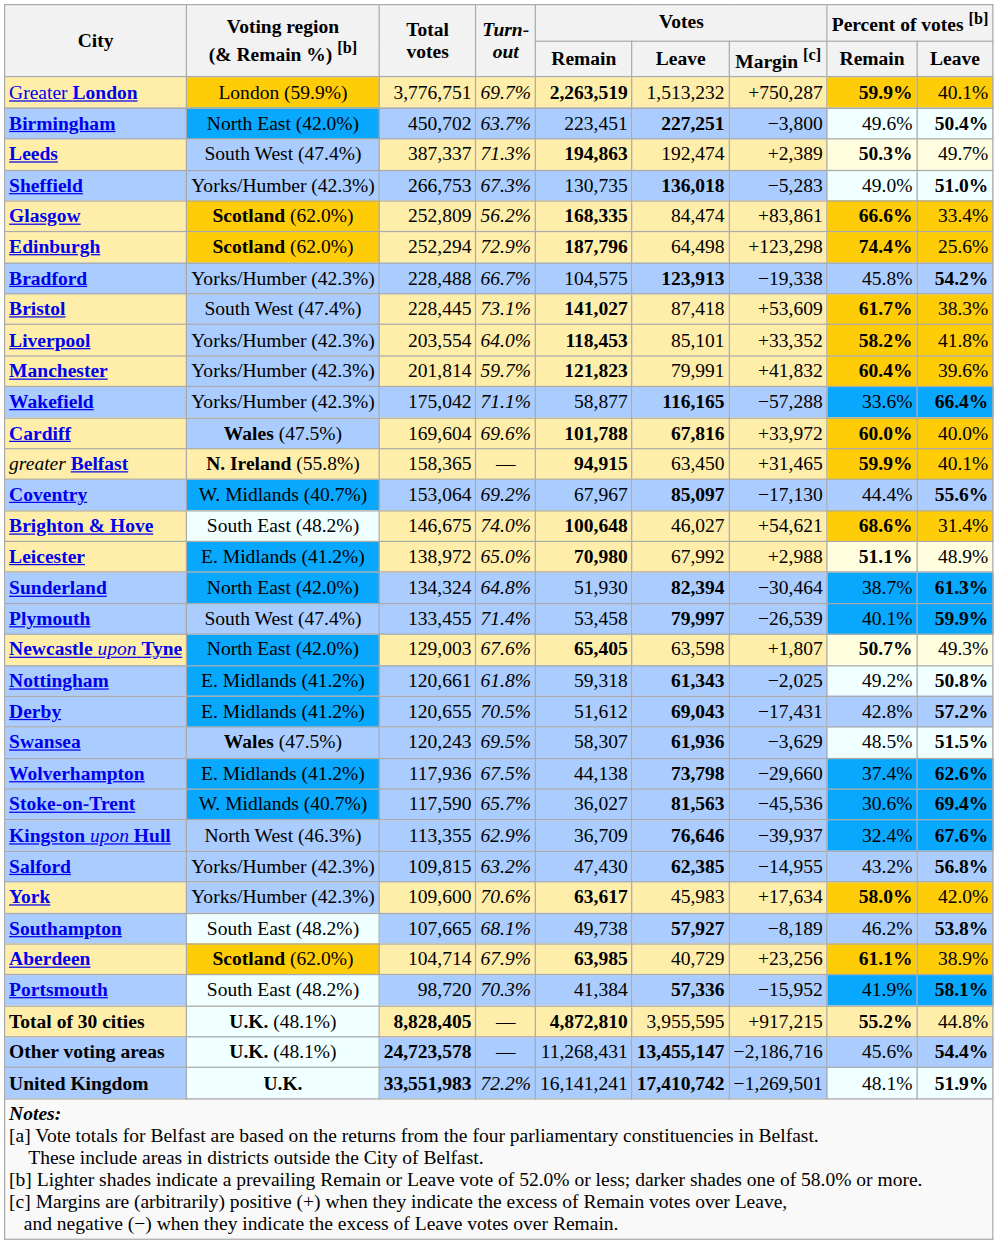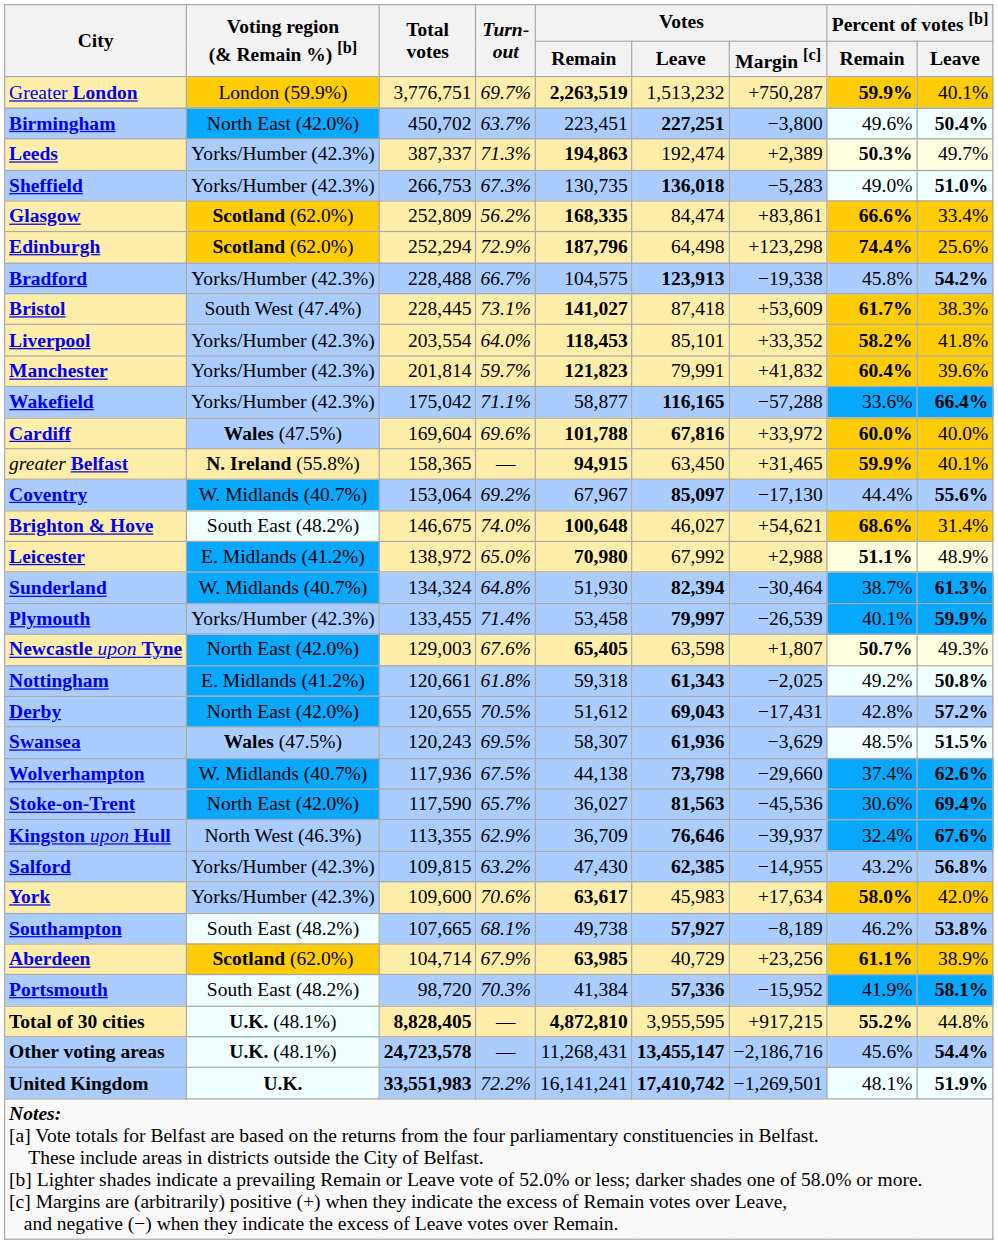 <table class="wikitable sortable">
 <tr>
 <th rowspan=2>City</th>
 <th rowspan=2>Voting region<br>(& Remain %) <sup>[b]</sup></th>
 <th rowspan=2>Total <br> votes</th>
 <th rowspan=2><em>Turn-<br>out</em></th>
 <th colspan=3>Votes</th>
 <th colspan=2>Percent of votes <sup>[b]</sup></th>
 </tr>
 <tr>
 <th>Remain</th>
 <th>Leave</th>
 <th data-sort-type="number">Margin <sup>[c]</sup></th>
 <th>Remain</th>
 <th>Leave</th>
 </tr>
 <tr style="text-align: right; background:#fea;">
 <td style="text-align:left"><a href='#'>Greater <strong>London</strong></a></td>
 <td style="text-align: center; background:#ffcc08">London (59.9%)</td>
 <td>3,776,751</td>
 <td style="text-align: right;"><em>69.7%</em></td>
 <td><strong>2,263,519</strong></td>
 <td>1,513,232</td>
 <td>+750,287</td>
 <td style="background:#ffcc08;"><strong>59.9%</strong></td>
 <td style="background:#ffcc08">40.1%</td>
 </tr>
 <tr>
 </tr>
 <tr style="background:#acf; text-align: right;">
 <td style="text-align:left"><strong><a href='#'>Birmingham</a></strong></td>
 <td style="text-align:center; background:#09a8ff">North East (42.0%)</td>
 <td>450,702</td>
 <td><em>63.7%</em></td>
 <td>223,451</td>
 <td><strong>227,251</strong></td>
 <td>−3,800</td>
 <td style="background:Azure">49.6%</td>
 <td style="background:Azure"><strong>50.4%</strong></td>
 </tr>
 <tr style="background:#fea; text-align: right;">
 <td style="text-align:left"><strong><a href='#'>Leeds</a></strong></td>
-<td style="text-align:center; background:#acf">South West (47.4%)</td>
+<td style="text-align: center; background:#acf">Yorks/Humber (42.3%)</td>
 <td>387,337</td>
 <td><em>71.3%</em></td>
 <td><strong>194,863</strong></td>
 <td>192,474</td>
 <td>+2,389</td>
 <td style="background:lightyellow"><strong>50.3%</strong></td>
 <td style="background:lightyellow">49.7%</td>
 </tr>
 <tr style="background:#acf; text-align:right">
 <td style="text-align:left"><strong><a href='#'>Sheffield</a></strong></td>
 <td style="text-align: center">Yorks/Humber (42.3%)</td>
 <td>266,753</td>
 <td><em>67.3%</em></td>
 <td>130,735</td>
 <td><strong>136,018</strong></td>
 <td>−5,283</td>
 <td style="background:Azure">49.0%</td>
 <td style="background:Azure"><strong>51.0%</strong></td>
 </tr>
 <tr style="background:#fea; text-align:right">
 <td style="text-align:left"><strong><a href='#'>Glasgow</a></strong></td>
 <td style="text-align: center; background:#ffcc08"><strong>Scotland</strong> (62.0%)</td>
 <td>252,809</td>
 <td><em>56.2%</em></td>
 <td><strong>168,335</strong></td>
 <td>84,474</td>
 <td>+83,861</td>
 <td style="background:#ffcc08"><strong>66.6%</strong></td>
 <td style="background:#ffcc08">33.4%</td>
 </tr>
 <tr style="background:#fea; text-align: right;">
 <td style = "text-align:left"><a href='#'><strong>Edinburgh</strong></a></td>
 <td style = "text-align:center; background:#ffcc08"><strong>Scotland</strong> (62.0%)</td>
 <td>252,294</td>
 <td><em>72.9%</em></td>
 <td><strong>187,796</strong></td>
 <td>64,498</td>
 <td>+123,298</td>
 <td style="background:#ffcc08"><strong>74.4%</strong></td>
 <td style="background:#ffcc08">25.6%</td>
 </tr>
 <tr style="background:#acf; text-align:right">
 <td style="text-align:left"><a href='#'><strong>Bradford</strong></a></td>
 <td style="text-align:center">Yorks/Humber (42.3%)</td>
 <td>228,488</td>
 <td><em>66.7%</em></td>
 <td>104,575</td>
 <td><strong>123,913</strong></td>
 <td>−19,338</td>
 <td>45.8%</td>
 <td><strong>54.2%</strong></td>
 </tr>
 <tr style="background:#fea; text-align:right">
 <td style="text-align:left"><strong><a href='#'>Bristol</a></strong></td>
 <td style="text-align:center; background:#acf">South West (47.4%)</td>
 <td>228,445</td>
 <td><em>73.1%</em></td>
 <td><strong>141,027</strong></td>
 <td>87,418</td>
 <td>+53,609</td>
 <td style="background:#ffcc08"><strong>61.7%</strong></td>
 <td style="background:#ffcc08">38.3%</td>
 </tr>
 <tr style="background:#fea; text-align:right">
 <td style="text-align:left"><strong><a href='#'>Liverpool</a></strong></td>
 <td style="text-align:center; background:#acf;">Yorks/Humber (42.3%)</td>
 <td>203,554</td>
 <td><em>64.0%</em></td>
 <td><strong>118,453</strong></td>
 <td>85,101</td>
 <td>+33,352</td>
 <td style="background:#ffcc08"><strong>58.2%</strong></td>
 <td style="background:#ffcc08">41.8%</td>
 </tr>
 <tr style="background:#fea; text-align:right">
 <td style="text-align:left"><strong><a href='#'>Manchester</a></strong></td>
 <td style="text-align:center; background:#acf;">Yorks/Humber (42.3%)</td>
 <td>201,814</td>
 <td><em>59.7%</em></td>
 <td><strong>121,823</strong></td>
 <td>79,991</td>
 <td>+41,832</td>
 <td style="background:#ffcc08"><strong>60.4%</strong></td>
 <td style="background:#ffcc08">39.6%</td>
 </tr>
 <tr style="background:#acf; text-align:right">
 <td style="text-align:left"><a href='#'><strong>Wakefield</strong></a></td>
 <td style="text-align: center">Yorks/Humber (42.3%)</td>
 <td>175,042</td>
 <td><em>71.1%</em></td>
 <td>58,877</td>
 <td><strong>116,165</strong></td>
 <td>−57,288</td>
 <td style="background:#09a8ff">33.6%</td>
 <td style="background:#09a8ff"><strong>66.4%</strong></td>
 </tr>
 <tr style="background:#fea; text-align:right">
 <td style="text-align:left"><strong><a href='#'>Cardiff</a></strong></td>
 <td style="text-align:center; background:#acf"><strong>Wales</strong> (47.5%)</td>
 <td>169,604</td>
 <td><em>69.6%</em></td>
 <td><strong>101,788</strong></td>
 <td><strong>67,816</strong></td>
 <td>+33,972</td>
 <td style="background:#ffcc08"><strong>60.0%</strong></td>
 <td style="background:#ffcc08">40.0%</td>
 </tr>
 <tr style="background:#fea; text-align: right;">
 <td style = "text-align:left"><em>greater</em> <strong><a href='#'>Belfast</a></strong> </td>
 <td style = "text-align:center"><strong>N. Ireland</strong> (55.8%)</td>
 <td>158,365</td>
 <td style = "text-align:center">—</td>
 <td><strong>94,915</strong></td>
 <td>63,450</td>
 <td>+31,465</td>
 <td style="background:#ffcc08"><strong>59.9%</strong></td>
 <td style="background:#ffcc08">40.1%</td>
 </tr>
 <tr style="background:#acf; text-align:right">
 <td style = "text-align:left"><strong><a href='#'>Coventry</a></strong></td>
 <td style="text-align: center; background:#09a8ff">W. Midlands (40.7%)</td>
 <td>153,064</td>
 <td><em>69.2%</em></td>
 <td>67,967</td>
 <td><strong>85,097</strong></td>
 <td>−17,130</td>
 <td>44.4%</td>
 <td><strong>55.6%</strong></td>
 </tr>
 <tr style="background:#fea; text-align:right">
 <td style = "text-align:left"><strong><a href='#'>Brighton & Hove</a></strong></td>
 <td style="text-align:center; background:Azure">South East (48.2%)</td>
 <td>146,675</td>
 <td><em>74.0%</em></td>
 <td><strong>100,648</strong></td>
 <td>46,027</td>
 <td>+54,621</td>
 <td style="background:#ffcc08"><strong>68.6%</strong></td>
 <td style="background:#ffcc08">31.4%</td>
 </tr>
 <tr style="background:#fea; text-align:right">
 <td style = "text-align:left"><strong><a href='#'>Leicester</a></strong></td>
 <td style="text-align:center; background:#09a8ff">E. Midlands (41.2%)</td>
 <td>138,972</td>
 <td><em>65.0%</em></td>
 <td><strong>70,980</strong></td>
 <td>67,992</td>
 <td>+2,988</td>
 <td style="background:lightyellow"><strong>51.1%</strong></td>
 <td style="background:lightyellow">48.9%</td>
 </tr>
 <tr style="background:#acf; text-align:right">
 <td style = "text-align:left"><a href='#'><strong>Sunderland</strong></a></td>
-<td style="text-align: center; background:#09a8ff">North East (42.0%)</td>
+<td style="text-align:center; background:#09a8ff">W. Midlands (40.7%)</td>
 <td>134,324</td>
 <td><em>64.8%</em></td>
 <td>51,930</td>
 <td><strong>82,394</strong></td>
 <td>−30,464</td>
 <td style="background:#09a8ff">38.7%</td>
 <td style="background:#09a8ff"><strong>61.3%</strong></td>
 </tr>
 <tr style="background:#acf; text-align:right">
 <td style = "text-align:left"><strong><a href='#'>Plymouth</a></strong></td>
-<td style="text-align: center">South West (47.4%)</td>
+<td style="text-align:center">Yorks/Humber (42.3%)</td>
 <td>133,455</td>
 <td><em>71.4%</em></td>
 <td>53,458</td>
 <td><strong>79,997</strong></td>
 <td>−26,539</td>
 <td style="background:#09a8ff">40.1%</td>
 <td style="background:#09a8ff"><strong>59.9%</strong></td>
 </tr>
 <tr style="background:#fea; text-align:right">
 <td style = "text-align:left"><a href='#'><strong>Newcastle</strong> <em>upon</em> <strong>Tyne</strong></a></td>
 <td style="text-align:center; background:#09a8ff">North East (42.0%)</td>
 <td>129,003</td>
 <td><em>67.6%</em></td>
 <td><strong>65,405</strong></td>
 <td>63,598</td>
 <td>+1,807</td>
 <td style="background:lightyellow"><strong>50.7%</strong></td>
 <td style="background:lightyellow">49.3%</td>
 </tr>
 <tr style="background:#acf; text-align:right">
 <td style = "text-align:left"><strong><a href='#'>Nottingham</a></strong></td>
 <td style="text-align:center; background:#09a8ff">E. Midlands (41.2%)</td>
 <td>120,661</td>
 <td><em>61.8%</em></td>
 <td>59,318</td>
 <td><strong>61,343</strong></td>
 <td>−2,025</td>
 <td style="background:Azure">49.2%</td>
 <td style="background:Azure"><strong>50.8%</strong></td>
 </tr>
 <tr style="background:#acf;; text-align:right">
 <td style = "text-align:left"><strong><a href='#'>Derby</a> </strong></td>
-<td style="text-align:center; background:#09a8ff">E. Midlands (41.2%)</td>
+<td style="text-align:center; background:#09a8ff">North East (42.0%)</td>
 <td>120,655</td>
 <td><em>70.5%</em></td>
 <td>51,612</td>
 <td><strong>69,043</strong></td>
 <td>−17,431</td>
 <td>42.8%</td>
 <td><strong>57.2%</strong></td>
 </tr>
 <tr style="background:#acf; text-align:right">
 <td style = "text-align:left"><strong><a href='#'>Swansea</a></strong></td>
 <td style="text-align:center; "><strong>Wales</strong> (47.5%)</td>
 <td>120,243</td>
 <td><em>69.5%</em></td>
 <td>58,307</td>
 <td><strong>61,936</strong></td>
 <td>−3,629</td>
 <td style="background:Azure">48.5%</td>
 <td style="background:Azure"><strong>51.5%</strong></td>
 </tr>
 <tr style="background:#acf; text-align:right">
 <td style = "text-align:left"><strong><a href='#'>Wolverhampton</a></strong></td>
-<td style="text-align:center; background:#09a8ff">E. Midlands (41.2%)</td>
+<td style="text-align:center;background:#09a8ff">W. Midlands (40.7%)</td>
 <td>117,936</td>
 <td><em>67.5%</em></td>
 <td>44,138</td>
 <td><strong>73,798</strong></td>
 <td>−29,660</td>
 <td style="background:#09a8ff">37.4%</td>
 <td style="background:#09a8ff"><strong>62.6%</strong></td>
 </tr>
 <tr style="background:#acf; text-align:right">
 <td style = "text-align:left"><strong><a href='#'>Stoke-on-Trent</a></strong></td>
-<td style="text-align:center; background:#09a8ff">W. Midlands (40.7%)</td>
+<td style="text-align: center; background:#09a8ff">North East (42.0%)</td>
 <td>117,590</td>
 <td><em>65.7%</em></td>
 <td>36,027</td>
 <td><strong>81,563</strong></td>
 <td>−45,536</td>
 <td style="background:#09a8ff">30.6%</td>
 <td style="background:#09a8ff"><strong>69.4%</strong></td>
 </tr>
 <tr style="background:#acf; text-align:right">
 <td style="text-align:left"><a href='#'><strong>Kingston</strong> <em>upon</em> <strong>Hull</strong></a></td>
 <td style="text-align: center">North West (46.3%)</td>
 <td>113,355</td>
 <td><em>62.9%</em></td>
 <td>36,709</td>
 <td><strong>76,646</strong></td>
 <td>−39,937</td>
 <td style="background:#09a8ff">32.4%</td>
 <td style="background:#09a8ff"><strong>67.6%</strong></td>
 </tr>
 <tr style="background:#acf;; text-align:right">
 <td style="text-align:left"><a href='#'><strong>Salford</strong></a></td>
 <td style="text-align: center">Yorks/Humber (42.3%)</td>
 <td>109,815</td>
 <td><em>63.2%</em></td>
 <td>47,430</td>
 <td><strong>62,385</strong></td>
 <td>−14,955</td>
 <td>43.2%</td>
 <td><strong>56.8%</strong></td>
 </tr>
 <tr style="background:#fea; text-align:right">
 <td style = "text-align:left"><strong><a href='#'>York</a></strong></td>
 <td style="text-align:center; background:#acf;">Yorks/Humber (42.3%)</td>
 <td>109,600</td>
 <td><em>70.6%</em></td>
 <td><strong>63,617</strong></td>
 <td>45,983</td>
 <td>+17,634</td>
 <td style="background:#ffcc08"><strong>58.0%</strong></td>
 <td style="background:#ffcc08">42.0%</td>
 </tr>
 <tr style="background:#acf; text-align:right">
 <td style="text-align:left"><strong><a href='#'>Southampton</a></strong></td>
 <td style="text-align: center; background:Azure">South East (48.2%)</td>
 <td>107,665</td>
 <td><em>68.1%</em></td>
 <td>49,738</td>
 <td><strong>57,927</strong></td>
 <td>−8,189</td>
 <td>46.2%</td>
 <td><strong>53.8%</strong></td>
 </tr>
 <tr style="background:#fea; text-align:right">
 <td style = "text-align:left"><strong><a href='#'>Aberdeen</a></strong></td>
 <td style = "text-align:center;background:#ffcc08"><strong>Scotland</strong> (62.0%)</td>
 <td>104,714</td>
 <td><em>67.9%</em></td>
 <td><strong>63,985</strong></td>
 <td>40,729</td>
 <td>+23,256</td>
 <td style="background:#ffcc08"><strong>61.1% </strong></td>
 <td style="background:#ffcc08">38.9%</td>
 </tr>
 <tr style="background:#acf;; text-align:right">
 <td style="text-align:left"><strong><a href='#'>Portsmouth</a></strong></td>
 <td style="text-align: center; background:Azure">South East (48.2%)</td>
 <td>98,720</td>
 <td><em>70.3%</em></td>
 <td>41,384</td>
 <td><strong>57,336</strong></td>
 <td>−15,952</td>
 <td style="background:#09a8ff">41.9%</td>
 <td style="background:#09a8ff"><strong>58.1%</strong></td>
 </tr>
 <tr class="sortbottom" style="background:#fea; text-align:right">
 <td style="text-align:left"><strong>Total of 30 cities</strong></td>
 <td style=" text-align:center; background:Azure"><strong>U.K.</strong> (48.1%)</td>
 <td><strong>8,828,405</strong></td>
 <td style="text-align:center">—</td>
 <td><strong>4,872,810</strong></td>
 <td>3,955,595</td>
 <td>+917,215</td>
 <td><strong>55.2%</strong></td>
 <td>44.8%</td>
 </tr>
 <tr class="sortbottom" style="background:#acf;; text-align:right">
 <td style="text-align:left"><strong>Other voting areas</strong></td>
 <td style="text-align:center; background:Azure"><strong>U.K.</strong> (48.1%)</td>
 <td><strong>24,723,578</strong></td>
 <td style="text-align:center">—</td>
 <td>11,268,431</td>
 <td><strong>13,455,147</strong></td>
 <td>−2,186,716</td>
 <td>45.6%</td>
 <td><strong>54.4%</strong></td>
 </tr>
 <tr class="sortbottom" style="background:#acf;; text-align:right">
 <td style="text-align:left"><strong>United Kingdom</strong></td>
 <td style="text-align:center; background:Azure"><strong>U.K.</strong></td>
 <td><strong>33,551,983</strong></td>
 <td><em>72.2%</em></td>
 <td>16,141,241</td>
 <td><strong>17,410,742</strong></td>
 <td>−1,269,501</td>
 <td style="background:Azure">48.1%</td>
 <td style="background:Azure"><strong>51.9%</strong></td>
 </tr>
 <tr class="sortbottom">
 <td colspan="9"><strong><em>Notes:</em></strong><br> [a] Vote totals for Belfast are based on the returns from the four parliamentary constituencies in Belfast.<br>    These include areas in districts outside the City of Belfast.<br> [b] Lighter shades indicate a prevailing Remain or Leave vote of 52.0% or less; darker shades one of 58.0% or more.<br>[c] Margins are (arbitrarily) positive (+) when they indicate the excess of Remain votes over Leave, <br>   and negative (−) when they indicate the excess of Leave votes over Remain.</td>
 </tr>
 </table>
